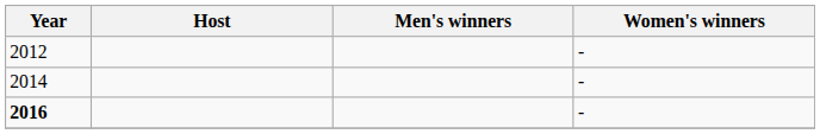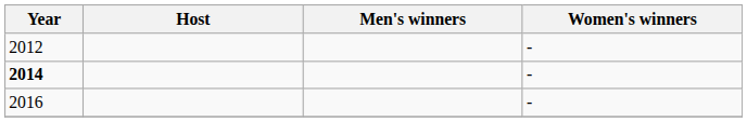 <table class="wikitable sortable" style="font-size:90%; width: 100%; text-align: left;">
 <tr>
 <th width=5%>Year</th>
 <th width=15%>Host</th>
 <th width=15%>Men's winners</th>
 <th width=15%>Women's winners</th>
 </tr>
 <tr>
 <td>2012</td>
 <td></td>
 <td></td>
 <td>-</td>
 </tr>
 <tr |->
-<td>2014</td>
+<td><strong>2014</strong></td>
 <td></td>
 <td></td>
 <td>-</td>
 </tr>
 <tr>
-<td><strong>2016</strong></td>
+<td>2016</td>
 <td></td>
 <td></td>
 <td>-</td>
 </tr>
 <tr>
 </tr>
 </table>
